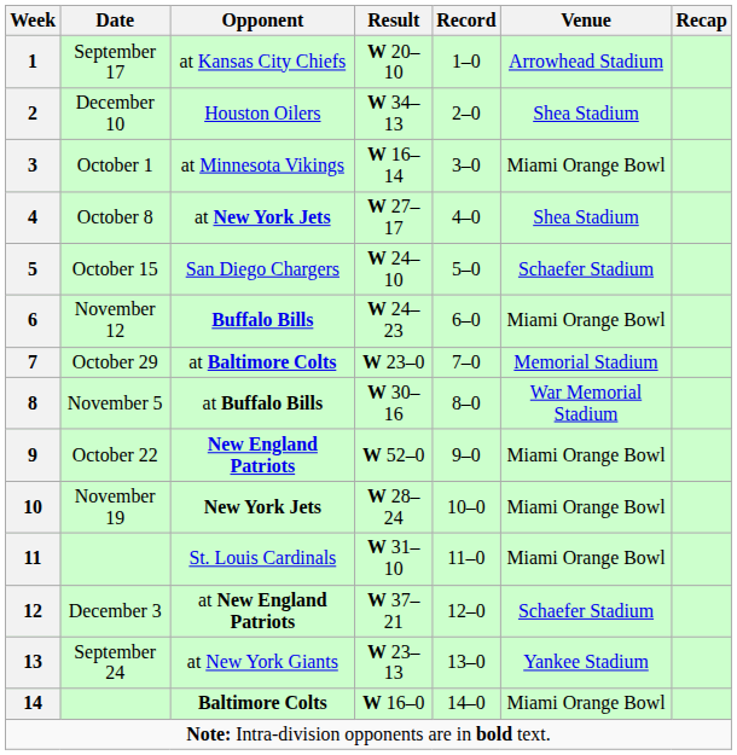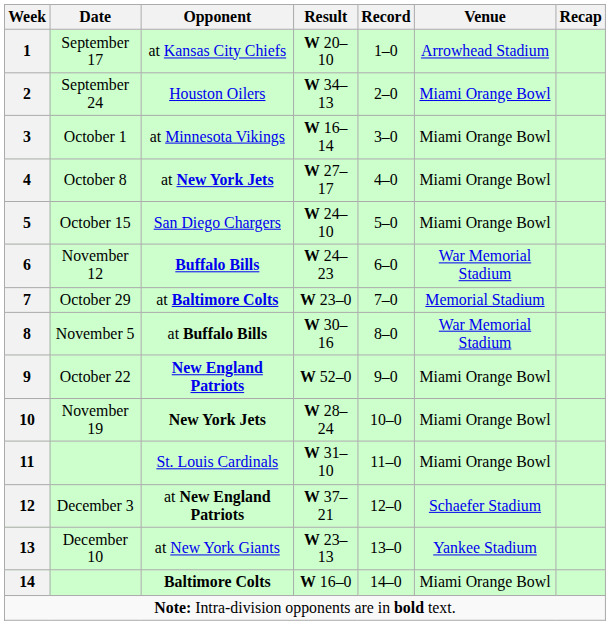 <table class="wikitable" style="text-align:center">
 <tr>
 <th>Week</th>
 <th>Date</th>
 <th>Opponent</th>
 <th>Result</th>
 <th>Record</th>
 <th>Venue</th>
 <th>Recap</th>
 </tr>
 <tr style="background:#cfc;">
 <th>1</th>
 <td>September 17</td>
 <td>at <a href='#'>Kansas City Chiefs</a></td>
 <td><strong>W</strong> 20–10</td>
 <td>1–0</td>
 <td><a href='#'>Arrowhead Stadium</a></td>
 <td></td>
 </tr>
 <tr style="background:#cfc;">
 <th>2</th>
-<td>December 10</td>
+<td>September 24</td>
 <td><a href='#'>Houston Oilers</a></td>
 <td><strong>W</strong> 34–13</td>
 <td>2–0</td>
-<td><a href='#'>Shea Stadium</a></td>
+<td><a href='#'>Miami Orange Bowl</a></td>
 <td></td>
 </tr>
 <tr style="background:#cfc;">
 <th>3</th>
 <td>October 1</td>
 <td>at <a href='#'>Minnesota Vikings</a></td>
 <td><strong>W</strong> 16–14</td>
 <td>3–0</td>
 <td>Miami Orange Bowl</td>
 <td></td>
 </tr>
 <tr style="background:#cfc;">
 <th>4</th>
 <td>October 8</td>
 <td>at <strong><a href='#'>New York Jets</a></strong></td>
 <td><strong>W</strong> 27–17</td>
 <td>4–0</td>
-<td><a href='#'>Shea Stadium</a></td>
+<td>Miami Orange Bowl</td>
 <td></td>
 </tr>
 <tr style="background:#cfc;">
 <th>5</th>
 <td>October 15</td>
 <td><a href='#'>San Diego Chargers</a></td>
 <td><strong>W</strong> 24–10</td>
 <td>5–0</td>
-<td><a href='#'>Schaefer Stadium</a></td>
+<td>Miami Orange Bowl</td>
 <td></td>
 </tr>
 <tr style="background:#cfc;">
 <th>6</th>
 <td>November 12</td>
 <td><strong><a href='#'>Buffalo Bills</a></strong></td>
 <td><strong>W</strong> 24–23</td>
 <td>6–0</td>
-<td>Miami Orange Bowl</td>
+<td><a href='#'>War Memorial Stadium</a></td>
 <td></td>
 </tr>
 <tr style="background:#cfc;">
 <th>7</th>
 <td>October 29</td>
 <td>at <strong><a href='#'>Baltimore Colts</a></strong></td>
 <td><strong>W</strong> 23–0</td>
 <td>7–0</td>
 <td><a href='#'>Memorial Stadium</a></td>
 <td></td>
 </tr>
 <tr style="background:#cfc;">
 <th>8</th>
 <td>November 5</td>
 <td>at <strong>Buffalo Bills</strong></td>
 <td><strong>W</strong> 30–16</td>
 <td>8–0</td>
 <td><a href='#'>War Memorial Stadium</a></td>
 <td></td>
 </tr>
 <tr style="background:#cfc;">
 <th>9</th>
 <td>October 22</td>
 <td><strong><a href='#'>New England Patriots</a></strong></td>
 <td><strong>W</strong> 52–0</td>
 <td>9–0</td>
 <td>Miami Orange Bowl</td>
 <td></td>
 </tr>
 <tr style="background:#cfc;">
 <th>10</th>
 <td>November 19</td>
 <td><strong>New York Jets</strong></td>
 <td><strong>W</strong> 28–24</td>
 <td>10–0</td>
 <td>Miami Orange Bowl</td>
 <td></td>
 </tr>
 <tr style="background:#cfc;">
 <th>11</th>
 <td></td>
 <td><a href='#'>St. Louis Cardinals</a></td>
 <td><strong>W</strong> 31–10</td>
 <td>11–0</td>
 <td>Miami Orange Bowl</td>
 <td></td>
 </tr>
 <tr style="background:#cfc;">
 <th>12</th>
 <td>December 3</td>
 <td>at <strong>New England Patriots</strong></td>
 <td><strong>W</strong> 37–21</td>
 <td>12–0</td>
 <td><a href='#'>Schaefer Stadium</a></td>
 <td></td>
 </tr>
 <tr style="background:#cfc;">
 <th>13</th>
-<td>September 24</td>
+<td>December 10</td>
 <td>at <a href='#'>New York Giants</a></td>
 <td><strong>W</strong> 23–13</td>
 <td>13–0</td>
 <td><a href='#'>Yankee Stadium</a></td>
 <td></td>
 </tr>
 <tr style="background:#cfc;">
 <th>14</th>
 <td></td>
 <td><strong>Baltimore Colts</strong></td>
 <td><strong>W</strong> 16–0</td>
 <td>14–0</td>
 <td>Miami Orange Bowl</td>
 <td></td>
 </tr>
 <tr>
 <td colspan="8"><strong>Note:</strong> Intra-division opponents are in <strong>bold</strong> text.</td>
 </tr>
 </table>
